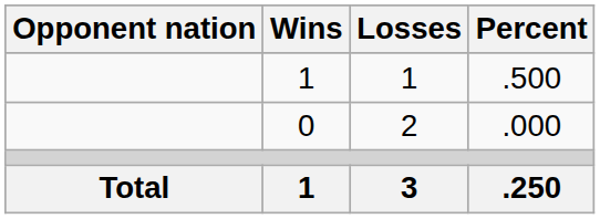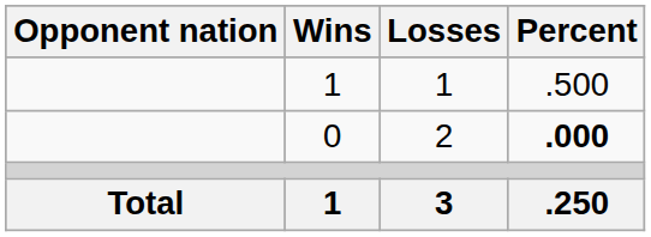 <table class=wikitable>
 <tr>
 <th>Opponent nation</th>
 <th>Wins</th>
 <th>Losses</th>
 <th>Percent</th>
 </tr>
 <tr align=center>
 <td align=left></td>
 <td>1</td>
 <td>1</td>
 <td>.500</td>
 </tr>
 <tr align=center>
 <td align=left></td>
 <td>0</td>
 <td>2</td>
-<td>.000</td>
+<td><strong>.000</strong></td>
 </tr>
 <tr>
 <td colspan=4 bgcolor=lightgray></td>
 </tr>
 <tr>
 <th>Total</th>
 <th>1</th>
 <th>3</th>
 <th>.250</th>
 </tr>
 </table>
